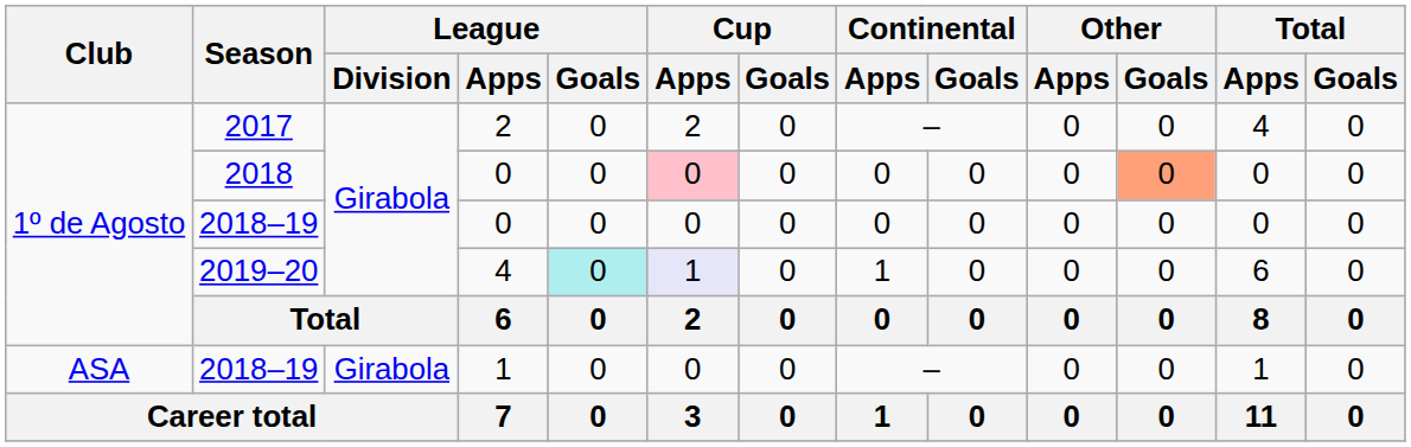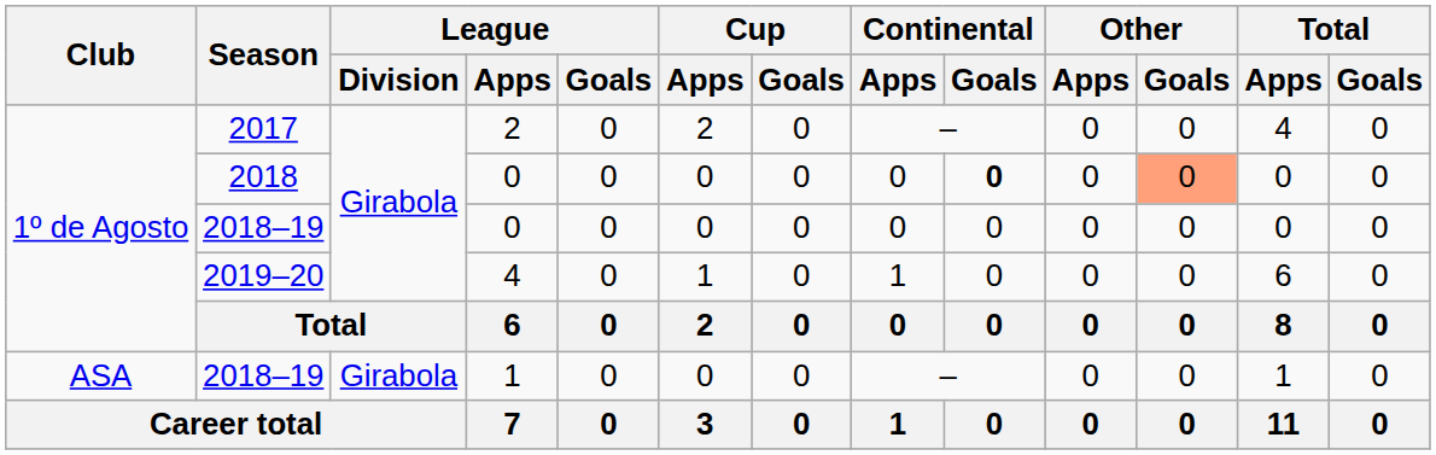 <table class="wikitable" style="text-align: center">
 <tr>
 <th rowspan="2">Club</th>
 <th rowspan="2">Season</th>
 <th colspan="3">League</th>
 <th colspan="2">Cup</th>
 <th colspan="2">Continental</th>
 <th colspan="2">Other</th>
 <th colspan="2">Total</th>
 </tr>
 <tr>
 <th>Division</th>
 <th>Apps</th>
 <th>Goals</th>
 <th>Apps</th>
 <th>Goals</th>
 <th>Apps</th>
 <th>Goals</th>
 <th>Apps</th>
 <th>Goals</th>
 <th>Apps</th>
 <th>Goals</th>
 </tr>
 <tr>
 <td rowspan="5"><a href='#'>1º de Agosto</a></td>
 <td><a href='#'>2017</a></td>
 <td rowspan="4"><a href='#'>Girabola</a></td>
 <td>2</td>
 <td>0</td>
 <td>2</td>
 <td>0</td>
 <td colspan="2">–</td>
 <td>0</td>
 <td>0</td>
 <td>4</td>
 <td>0</td>
 </tr>
 <tr>
 <td><a href='#'>2018</a></td>
 <td>0</td>
 <td>0</td>
-<td style="background: pink;">0</td>
 <td>0</td>
 <td>0</td>
 <td>0</td>
+<td><strong>0</strong></td>
 <td>0</td>
 <td style="background: lightsalmon;">0</td>
 <td>0</td>
 <td>0</td>
 </tr>
 <tr>
 <td><a href='#'>2018–19</a></td>
 <td>0</td>
 <td>0</td>
 <td>0</td>
 <td>0</td>
 <td>0</td>
 <td>0</td>
 <td>0</td>
 <td>0</td>
 <td>0</td>
 <td>0</td>
 </tr>
 <tr>
 <td><a href='#'>2019–20</a></td>
 <td>4</td>
-<td style="background: paleturquoise;">0</td>
-<td style="background: lavender;">1</td>
+<td>0</td>
+<td>1</td>
 <td>0</td>
 <td>1</td>
 <td>0</td>
 <td>0</td>
 <td>0</td>
 <td>6</td>
 <td>0</td>
 </tr>
 <tr>
 <th colspan="2"><strong>Total</strong></th>
 <th>6</th>
 <th>0</th>
 <th>2</th>
 <th>0</th>
 <th>0</th>
 <th>0</th>
 <th>0</th>
 <th>0</th>
 <th>8</th>
 <th>0</th>
 </tr>
 <tr>
 <td><a href='#'>ASA</a></td>
 <td><a href='#'>2018–19</a></td>
 <td><a href='#'>Girabola</a></td>
 <td>1</td>
 <td>0</td>
 <td>0</td>
 <td>0</td>
 <td colspan="2">–</td>
 <td>0</td>
 <td>0</td>
 <td>1</td>
 <td>0</td>
 </tr>
 <tr>
 <th colspan="3"><strong>Career total</strong></th>
 <th>7</th>
 <th>0</th>
 <th>3</th>
 <th>0</th>
 <th>1</th>
 <th>0</th>
 <th>0</th>
 <th>0</th>
 <th>11</th>
 <th>0</th>
 </tr>
 </table>
